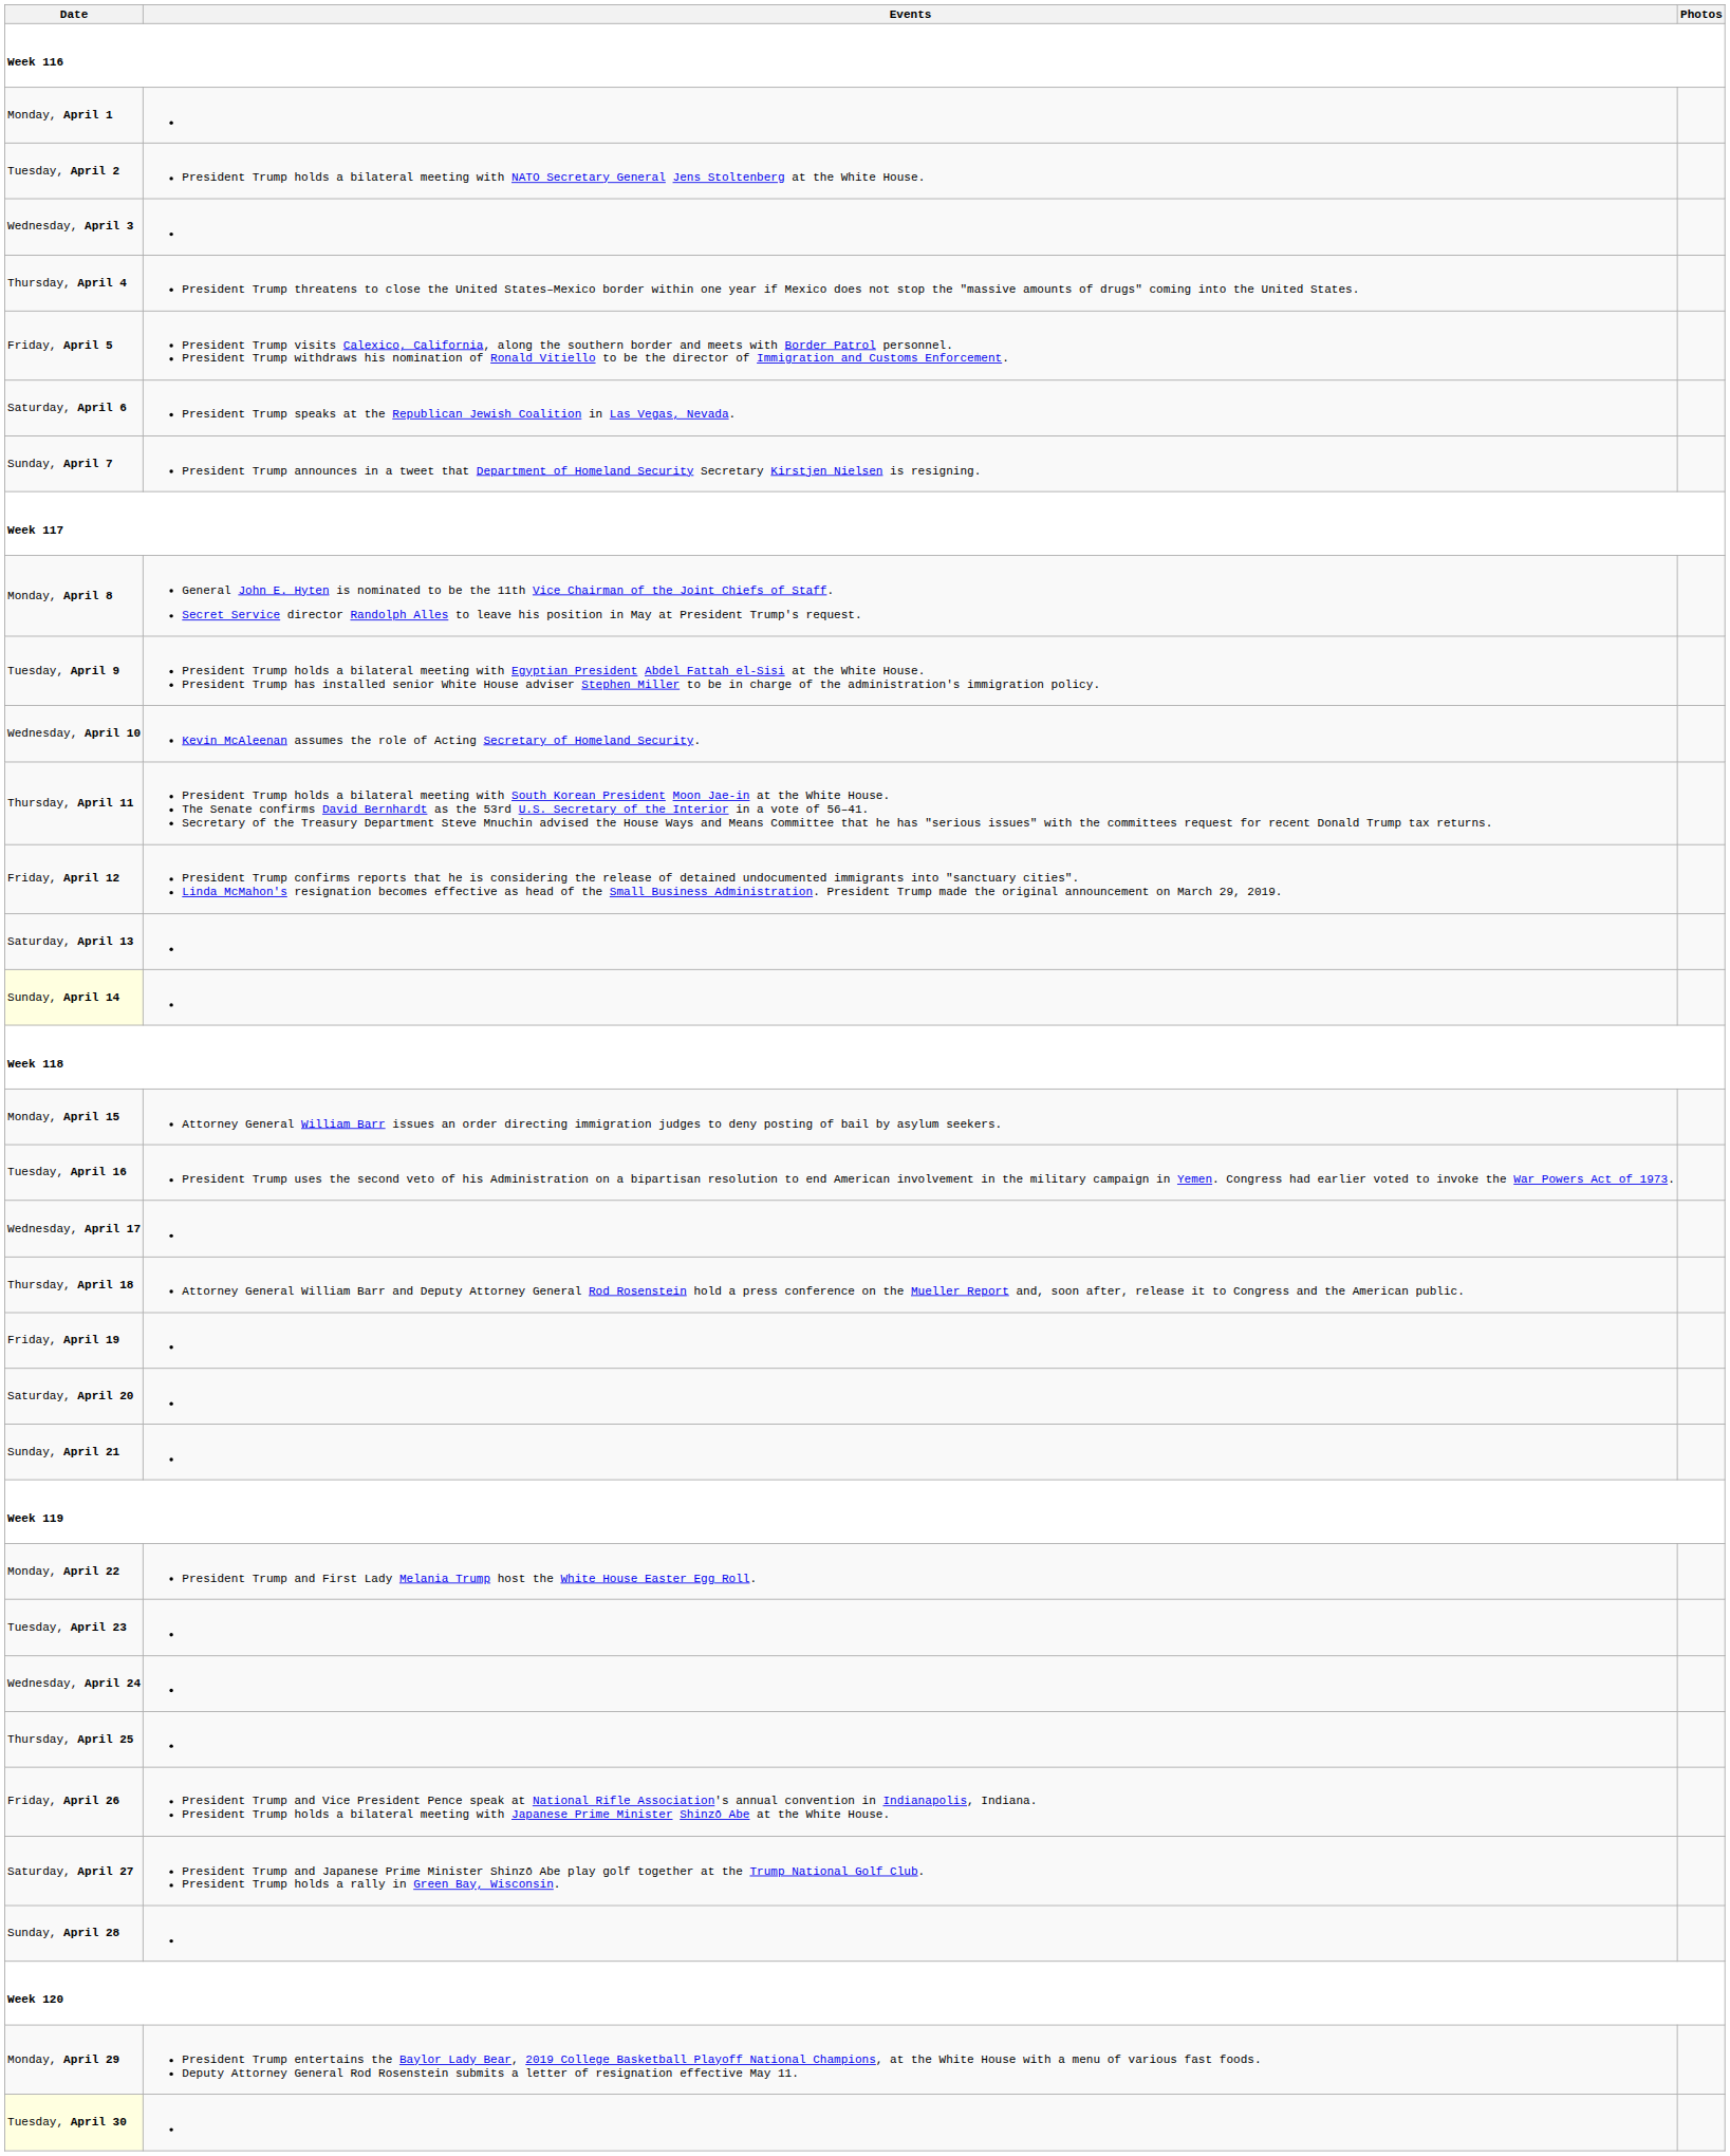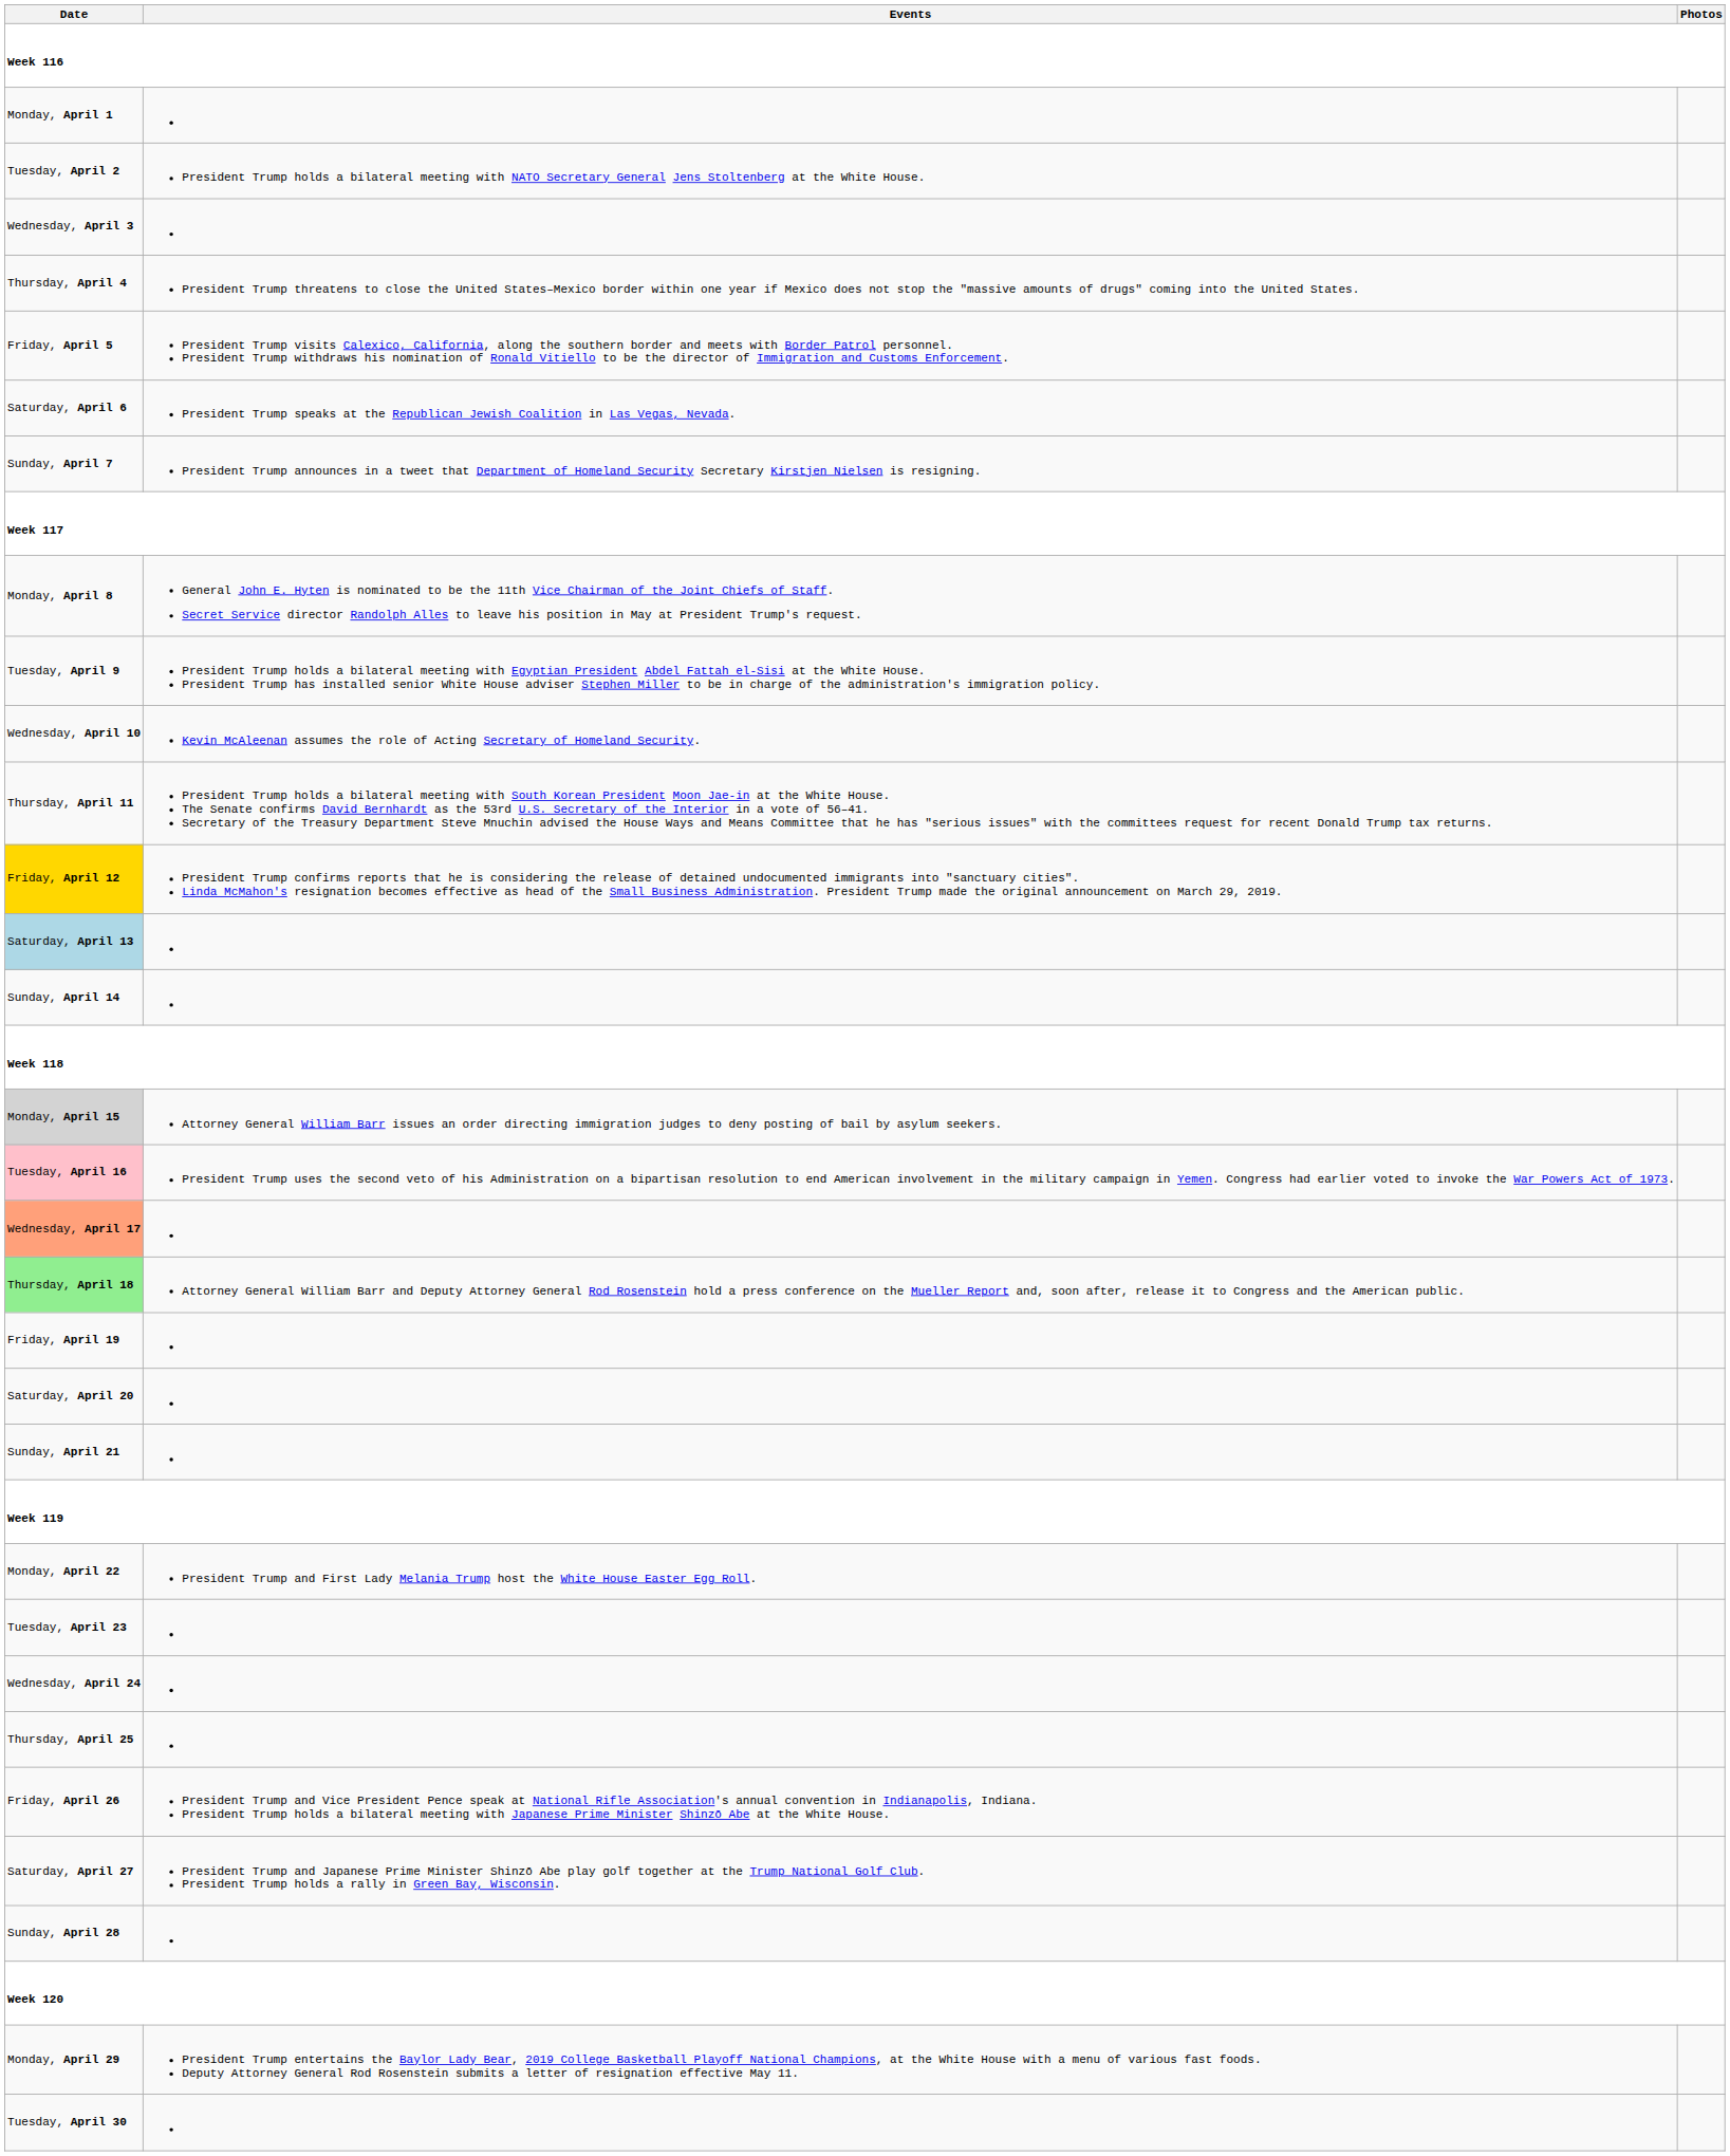 <table class="wikitable">
 <tr>
 <th>Date</th>
 <th>Events</th>
 <th>Photos</th>
 </tr>
 <tr style="background:white;">
 <td colspan="3"><br><h4>Week 116</h4></td>
 </tr>
 <tr>
 <td>Monday, <strong>April 1</strong></td>
 <td><br><ul><li></li></ul></td>
 <td></td>
 </tr>
 <tr>
 <td>Tuesday, <strong>April 2</strong></td>
 <td><br><ul><li>President Trump holds a bilateral meeting with <a href='#'>NATO Secretary General</a> <a href='#'>Jens Stoltenberg</a> at the White House.</li></ul></td>
 <td></td>
 </tr>
 <tr>
 <td>Wednesday, <strong>April 3</strong></td>
 <td><br><ul><li></li></ul></td>
 <td></td>
 </tr>
 <tr>
 <td>Thursday, <strong>April 4</strong></td>
 <td><br><ul><li>President Trump threatens to close the United States–Mexico border within one year if Mexico does not stop the "massive amounts of drugs" coming into the United States.</li></ul></td>
 <td></td>
 </tr>
 <tr>
 <td>Friday, <strong>April 5</strong></td>
 <td><br><ul><li>President Trump visits <a href='#'>Calexico, California</a>, along the southern border and meets with <a href='#'>Border Patrol</a> personnel.</li><li>President Trump withdraws his nomination of <a href='#'>Ronald Vitiello</a> to be the director of <a href='#'>Immigration and Customs Enforcement</a>.</li></ul></td>
 <td></td>
 </tr>
 <tr>
 <td>Saturday, <strong>April 6</strong></td>
 <td><br><ul><li>President Trump speaks at the <a href='#'>Republican Jewish Coalition</a> in <a href='#'>Las Vegas, Nevada</a>.</li></ul></td>
 <td></td>
 </tr>
 <tr>
 <td>Sunday, <strong>April 7</strong></td>
 <td><br><ul><li>President Trump announces in a tweet that <a href='#'>Department of Homeland Security</a> Secretary <a href='#'>Kirstjen Nielsen</a> is resigning.</li></ul></td>
 <td></td>
 </tr>
 <tr style="background:white;">
 <td colspan="3"><br><h4>Week 117</h4></td>
 </tr>
 <tr>
 <td>Monday, <strong>April 8</strong></td>
 <td><br><ul><li>General <a href='#'>John E. Hyten</a> is nominated to be the 11th <a href='#'>Vice Chairman of the Joint Chiefs of Staff</a>.</li></ul><ul><li><a href='#'>Secret Service</a> director <a href='#'>Randolph Alles</a> to leave his position in May at President Trump's request.</li></ul></td>
 <td></td>
 </tr>
 <tr>
 <td>Tuesday, <strong>April 9</strong></td>
 <td><br><ul><li>President Trump holds a bilateral meeting with <a href='#'>Egyptian President</a> <a href='#'>Abdel Fattah el-Sisi</a> at the White House.</li><li>President Trump has installed senior White House adviser <a href='#'>Stephen Miller</a> to be in charge of the administration's immigration policy.</li></ul></td>
 <td></td>
 </tr>
 <tr>
 <td>Wednesday, <strong>April 10</strong></td>
 <td><br><ul><li><a href='#'>Kevin McAleenan</a> assumes the role of Acting <a href='#'>Secretary of Homeland Security</a>.</li></ul></td>
 <td></td>
 </tr>
 <tr>
 <td>Thursday, <strong>April 11</strong></td>
 <td><br><ul><li>President Trump holds a bilateral meeting with <a href='#'>South Korean President</a> <a href='#'>Moon Jae-in</a> at the White House.</li><li>The Senate confirms <a href='#'>David Bernhardt</a> as the 53rd <a href='#'>U.S. Secretary of the Interior</a> in a vote of 56–41.</li><li>Secretary of the Treasury Department Steve Mnuchin advised the House Ways and Means Committee that he has "serious issues" with the committees request for recent Donald Trump tax returns.</li></ul></td>
 <td></td>
 </tr>
 <tr>
-<td>Friday, <strong>April 12</strong></td>
+<td style="background: gold;">Friday, <strong>April 12</strong></td>
 <td><br><ul><li>President Trump confirms reports that he is considering the release of detained undocumented immigrants into "sanctuary cities".</li><li><a href='#'>Linda McMahon's</a> resignation becomes effective as head of the <a href='#'>Small Business Administration</a>. President Trump made the original announcement on March 29, 2019.</li></ul></td>
 <td></td>
 </tr>
 <tr>
-<td>Saturday, <strong>April 13</strong></td>
+<td style="background: lightblue;">Saturday, <strong>April 13</strong></td>
 <td><br><ul><li></li></ul></td>
 <td></td>
 </tr>
 <tr>
-<td style="background: lightyellow;">Sunday, <strong>April 14</strong></td>
+<td>Sunday, <strong>April 14</strong></td>
 <td><br><ul><li></li></ul></td>
 <td></td>
 </tr>
 <tr style="background:white;">
 <td colspan="3"><br><h4>Week 118</h4></td>
 </tr>
 <tr>
-<td>Monday, <strong>April 15</strong></td>
+<td style="background: lightgrey;">Monday, <strong>April 15</strong></td>
 <td><br><ul><li>Attorney General <a href='#'>William Barr</a> issues an order directing immigration judges to deny posting of bail by asylum seekers.</li></ul></td>
 <td></td>
 </tr>
 <tr>
-<td>Tuesday, <strong>April 16</strong></td>
+<td style="background: pink;">Tuesday, <strong>April 16</strong></td>
 <td><br><ul><li>President Trump uses the second veto of his Administration on a bipartisan resolution to end American involvement in the military campaign in <a href='#'>Yemen</a>. Congress had earlier voted to invoke the <a href='#'>War Powers Act of 1973</a>.</li></ul></td>
 <td></td>
 </tr>
 <tr>
-<td>Wednesday, <strong>April 17</strong></td>
+<td style="background: lightsalmon;">Wednesday, <strong>April 17</strong></td>
 <td><br><ul><li></li></ul></td>
 <td></td>
 </tr>
 <tr>
-<td>Thursday, <strong>April 18</strong></td>
+<td style="background: lightgreen;">Thursday, <strong>April 18</strong></td>
 <td><br><ul><li>Attorney General William Barr and Deputy Attorney General <a href='#'>Rod Rosenstein</a> hold a press conference on the <a href='#'>Mueller Report</a> and, soon after, release it to Congress and the American public.</li></ul></td>
 <td></td>
 </tr>
 <tr>
 <td>Friday, <strong>April 19</strong></td>
 <td><br><ul><li></li></ul></td>
 <td></td>
 </tr>
 <tr>
 <td>Saturday, <strong>April 20</strong></td>
 <td><br><ul><li></li></ul></td>
 <td></td>
 </tr>
 <tr>
 <td>Sunday, <strong>April 21</strong></td>
 <td><br><ul><li></li></ul></td>
 <td></td>
 </tr>
 <tr style="background:white;">
 <td colspan="3"><br><h4>Week 119</h4></td>
 </tr>
 <tr>
 <td>Monday, <strong>April 22</strong></td>
 <td><br><ul><li>President Trump and First Lady <a href='#'>Melania Trump</a> host the <a href='#'>White House Easter Egg Roll</a>.</li></ul></td>
 <td></td>
 </tr>
 <tr>
 <td>Tuesday, <strong>April 23</strong></td>
 <td><br><ul><li></li></ul></td>
 <td></td>
 </tr>
 <tr>
 <td>Wednesday, <strong>April 24</strong></td>
 <td><br><ul><li></li></ul></td>
 <td></td>
 </tr>
 <tr>
 <td>Thursday, <strong>April 25</strong></td>
 <td><br><ul><li></li></ul></td>
 <td></td>
 </tr>
 <tr>
 <td>Friday, <strong>April 26</strong></td>
 <td><br><ul><li>President Trump and Vice President Pence speak at <a href='#'>National Rifle Association</a>'s annual convention in <a href='#'>Indianapolis</a>, Indiana.</li><li>President Trump holds a bilateral meeting with <a href='#'>Japanese Prime Minister</a> <a href='#'>Shinzō Abe</a> at the White House.</li></ul></td>
 <td></td>
 </tr>
 <tr>
 <td>Saturday, <strong>April 27</strong></td>
 <td><br><ul><li>President Trump and Japanese Prime Minister Shinzō Abe play golf together at the <a href='#'>Trump National Golf Club</a>.</li><li>President Trump holds a rally in <a href='#'>Green Bay, Wisconsin</a>.</li></ul></td>
 <td></td>
 </tr>
 <tr>
 <td>Sunday, <strong>April 28</strong></td>
 <td><br><ul><li></li></ul></td>
 <td></td>
 </tr>
 <tr style="background:white;">
 <td colspan="3"><br><h4>Week 120</h4></td>
 </tr>
 <tr>
 <td>Monday, <strong>April 29</strong></td>
 <td><br><ul><li>President Trump entertains the <a href='#'>Baylor Lady Bear</a>, <a href='#'>2019 College Basketball Playoff National Champions</a>, at the White House with a menu of various fast foods.</li><li>Deputy Attorney General Rod Rosenstein submits a letter of resignation effective May 11.</li></ul></td>
 <td></td>
 </tr>
 <tr>
-<td style="background: lightyellow;">Tuesday, <strong>April 30</strong></td>
+<td>Tuesday, <strong>April 30</strong></td>
 <td><br><ul><li></li></ul></td>
 <td></td>
 </tr>
 </table>
